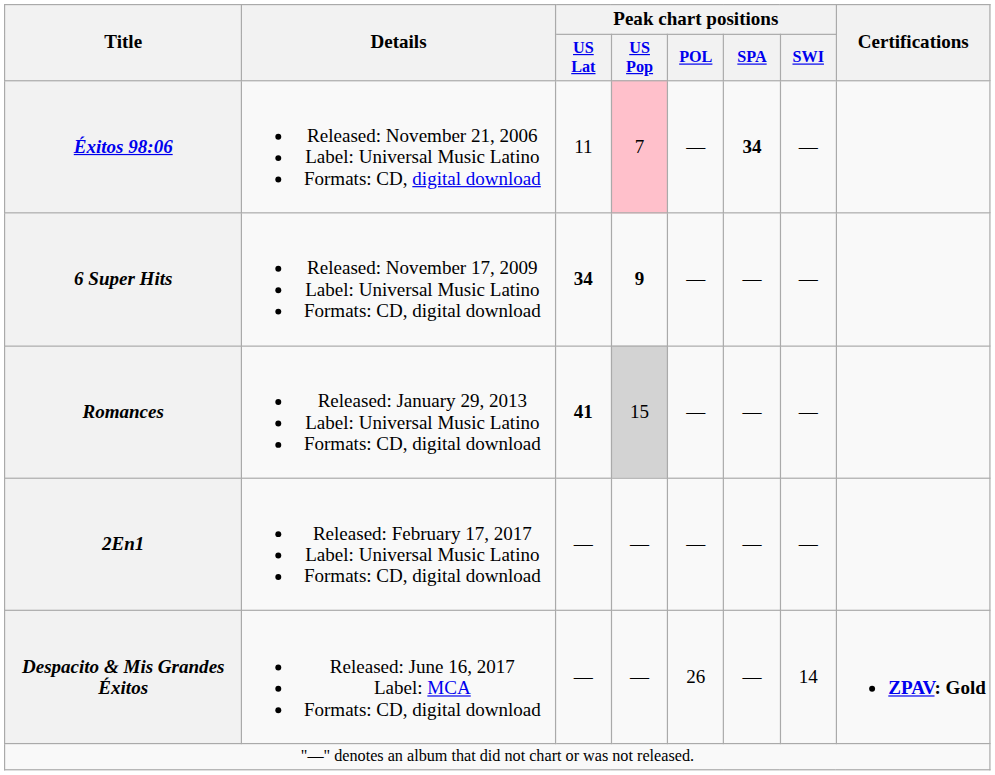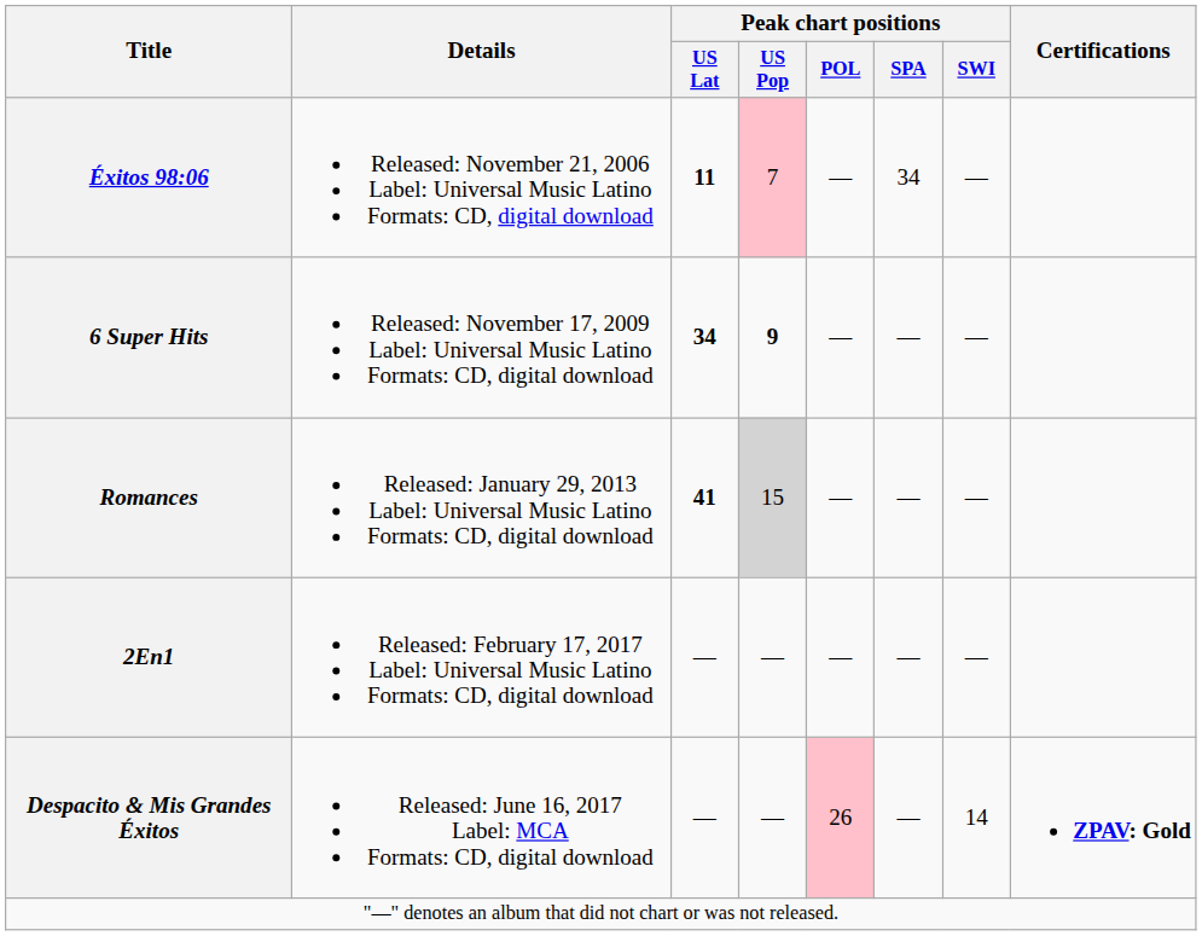 <table class="wikitable plainrowheaders" style="text-align:center;">
 <tr>
 <th scope="col" rowspan="2" style="width:12em;">Title</th>
 <th scope="col" rowspan="2" style="width:16em;">Details</th>
 <th scope="col" colspan="5">Peak chart positions</th>
 <th scope="col" rowspan="2">Certifications</th>
 </tr>
 <tr>
 <th scope="col" style="width:3em;font-size:85%;"><a href='#'>US<br>Lat</a><br></th>
 <th scope="col" style="width:3em;font-size:85%;"><a href='#'>US<br>Pop</a><br></th>
 <th scope="col" style="width:3em;font-size:85%;"><a href='#'>POL</a><br></th>
 <th scope="col" style="width:3em;font-size:85%;"><a href='#'>SPA</a><br></th>
 <th scope="col" style="width:3em;font-size:85%;"><a href='#'>SWI</a><br></th>
 </tr>
 <tr>
 <th scope="row"><em><a href='#'>Éxitos 98:06</a></em></th>
 <td><br><ul><li>Released: November 21, 2006</li><li>Label: Universal Music Latino</li><li>Formats: CD, <a href='#'>digital download</a></li></ul></td>
-<td>11</td>
+<td><strong>11</strong></td>
 <td style="background: pink;">7</td>
 <td>—</td>
-<td><strong>34</strong></td>
+<td>34</td>
 <td>—</td>
 <td></td>
 </tr>
 <tr>
 <th scope="row"><em>6 Super Hits</em></th>
 <td><br><ul><li>Released: November 17, 2009</li><li>Label: Universal Music Latino</li><li>Formats: CD, digital download</li></ul></td>
 <td><strong>34</strong></td>
 <td><strong>9</strong></td>
 <td>—</td>
 <td>—</td>
 <td>—</td>
 <td></td>
 </tr>
 <tr>
 <th scope="row"><em>Romances</em></th>
 <td><br><ul><li>Released: January 29, 2013</li><li>Label: Universal Music Latino</li><li>Formats: CD, digital download</li></ul></td>
 <td><strong>41</strong></td>
 <td style="background: lightgrey;">15</td>
 <td>—</td>
 <td>—</td>
 <td>—</td>
 <td></td>
 </tr>
 <tr>
 <th scope="row"><em>2En1</em></th>
 <td><br><ul><li>Released: February 17, 2017</li><li>Label: Universal Music Latino</li><li>Formats: CD, digital download</li></ul></td>
 <td>—</td>
 <td>—</td>
 <td>—</td>
 <td>—</td>
 <td>—</td>
 <td></td>
 </tr>
 <tr>
 <th scope="row"><em>Despacito & Mis Grandes Éxitos</em></th>
 <td><br><ul><li>Released: June 16, 2017</li><li>Label: <a href='#'>MCA</a></li><li>Formats: CD, digital download</li></ul></td>
 <td>—</td>
 <td>—</td>
-<td>26</td>
+<td style="background: pink;">26</td>
 <td>—</td>
 <td>14</td>
 <td><strong><br><ul><li><a href='#'>ZPAV</a>: Gold</li></ul></strong></td>
 </tr>
 <tr>
 <td colspan="20" style="text-align:center; font-size:85%;">"—" denotes an album that did not chart or was not released.</td>
 </tr>
 </table>
